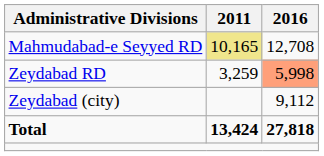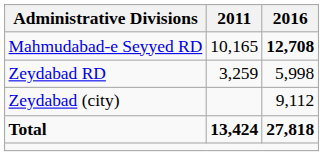 <table class="wikitable">
 <tr>
 <th>Administrative Divisions</th>
 <th>2011</th>
 <th>2016</th>
 </tr>
 <tr>
 <td><a href='#'>Mahmudabad-e Seyyed RD</a></td>
-<td style="background: khaki; text-align: right;">10,165</td>
-<td style="text-align: right;">12,708</td>
+<td style="text-align: right;">10,165</td>
+<td style="text-align: right;"><strong>12,708</strong></td>
 </tr>
 <tr>
 <td><a href='#'>Zeydabad RD</a></td>
 <td style="text-align: right;">3,259</td>
-<td style="background: lightsalmon; text-align: right;">5,998</td>
+<td style="text-align: right;">5,998</td>
 </tr>
 <tr>
 <td><a href='#'>Zeydabad</a> (city)</td>
 <td style="text-align: right;"></td>
 <td style="text-align: right;">9,112</td>
 </tr>
 <tr>
 <td><strong>Total</strong></td>
 <td style="text-align: right;"><strong>13,424</strong></td>
 <td style="text-align: right;"><strong>27,818</strong></td>
 </tr>
 <tr>
 <td colspan=4></td>
 </tr>
 </table>
